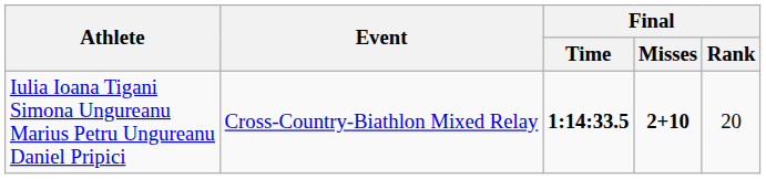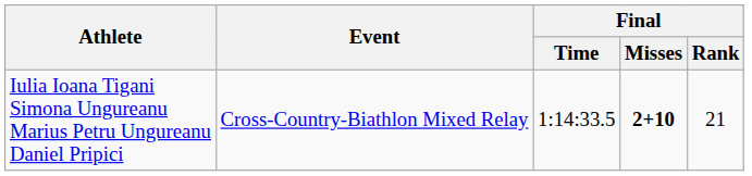 <table class="wikitable">
 <tr>
 <th rowspan="2">Athlete</th>
 <th rowspan="2">Event</th>
 <th colspan="3">Final</th>
 </tr>
 <tr>
 <th>Time</th>
 <th>Misses</th>
 <th>Rank</th>
 </tr>
 <tr>
 <td><a href='#'>Iulia Ioana Tigani</a><br><a href='#'>Simona Ungureanu</a><br><a href='#'>Marius Petru Ungureanu</a><br><a href='#'>Daniel Pripici</a></td>
 <td><a href='#'>Cross-Country-Biathlon Mixed Relay</a></td>
-<td align="center"><strong>1:14:33.5</strong></td>
+<td align="center">1:14:33.5</td>
 <td align="center"><strong>2+10</strong></td>
-<td align="center">20</td>
+<td align="center">21</td>
 </tr>
 </table>
